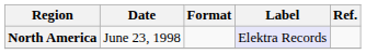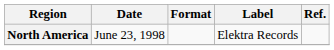 <table class="wikitable plainrowheaders">
 <tr>
 <th scope="col">Region</th>
 <th scope="col">Date</th>
 <th scope="col">Format</th>
 <th scope="col">Label</th>
 <th scope="col">Ref.</th>
 </tr>
 <tr>
 <th scope="row">North America</th>
 <td>June 23, 1998</td>
 <td></td>
-<td style="background: lavender;">Elektra Records</td>
+<td>Elektra Records</td>
 <td></td>
 </tr>
 <tr>
 </tr>
 </table>
